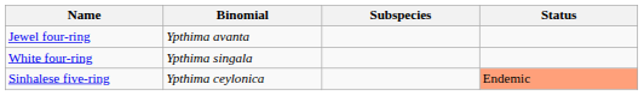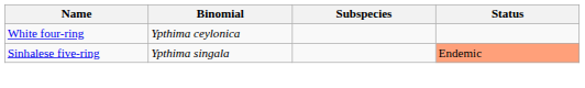 <table width=60% class="wikitable">
 <tr>
 <th width=20%>Name</th>
 <th width=20%>Binomial</th>
 <th width=20%>Subspecies</th>
 <th width=20%>Status</th>
 </tr>
 <tr>
-<td><a href='#'>Jewel four-ring</a><br></td>
-<td><em>Ypthima avanta</em></td>
-<td></td>
-<td></td>
-</tr>
-<tr>
 <td><a href='#'>White four-ring</a><br> </td>
-<td><em>Ypthima singala</em></td>
+<td><em>Ypthima ceylonica</em></td>
 <td></td>
 <td></td>
 </tr>
 <tr>
 <td><a href='#'>Sinhalese five-ring</a></td>
-<td><em>Ypthima ceylonica</em></td>
+<td><em>Ypthima singala</em></td>
 <td></td>
 <td style="background: lightsalmon;">Endemic</td>
 </tr>
 </table>
